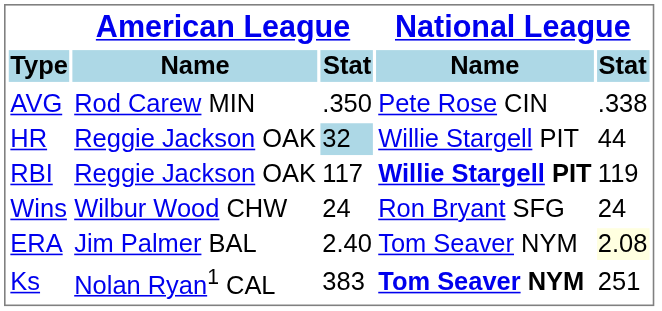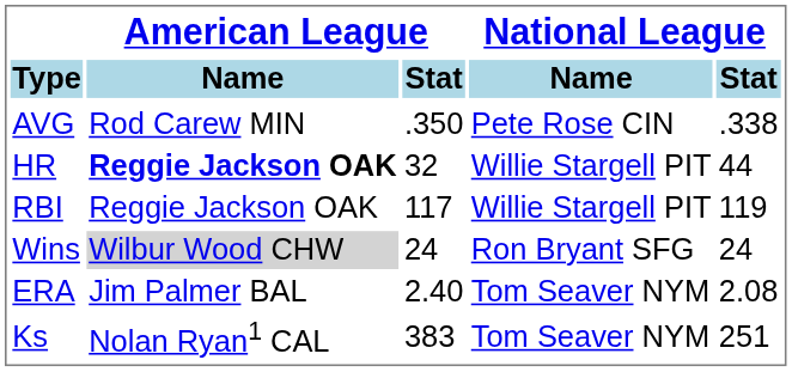 <table cellpadding="1" style="width:auto;border: 1px solid gray;">
 <tr align="center" style="font-size: larger;">
 <th> </th>
 <th colspan=2><a href='#'>American League</a></th>
 <th colspan=2><a href='#'>National League</a></th>
 </tr>
 <tr style="background:lightblue;">
 <th>Type</th>
 <th>Name</th>
 <th>Stat</th>
 <th>Name</th>
 <th>Stat</th>
 </tr>
 <tr align="center" style="vertical-align: middle;" style="background:lightblue;">
 </tr>
 <tr>
 <td><a href='#'>AVG</a></td>
 <td><a href='#'>Rod Carew</a> MIN</td>
 <td>.350</td>
 <td><a href='#'>Pete Rose</a> CIN</td>
 <td>.338</td>
 </tr>
 <tr>
 <td><a href='#'>HR</a></td>
-<td><a href='#'>Reggie Jackson</a> OAK</td>
-<td style="background: lightblue;">32</td>
+<td><strong><a href='#'>Reggie Jackson</a> OAK</strong></td>
+<td>32</td>
 <td><a href='#'>Willie Stargell</a> PIT</td>
 <td>44</td>
 </tr>
 <tr>
 <td><a href='#'>RBI</a></td>
 <td><a href='#'>Reggie Jackson</a> OAK</td>
 <td>117</td>
-<td><strong><a href='#'>Willie Stargell</a> PIT</strong></td>
+<td><a href='#'>Willie Stargell</a> PIT</td>
 <td>119</td>
 </tr>
 <tr>
 <td><a href='#'>Wins</a></td>
-<td><a href='#'>Wilbur Wood</a> CHW</td>
+<td style="background: lightgrey;"><a href='#'>Wilbur Wood</a> CHW</td>
 <td>24</td>
 <td><a href='#'>Ron Bryant</a> SFG</td>
 <td>24</td>
 </tr>
 <tr>
 <td><a href='#'>ERA</a></td>
 <td><a href='#'>Jim Palmer</a> BAL</td>
 <td>2.40</td>
 <td><a href='#'>Tom Seaver</a> NYM</td>
-<td style="background: lightyellow;">2.08</td>
+<td>2.08</td>
 </tr>
 <tr>
 <td><a href='#'>Ks</a></td>
 <td><a href='#'>Nolan Ryan</a><sup>1</sup> CAL</td>
 <td>383</td>
-<td><strong><a href='#'>Tom Seaver</a> NYM</strong></td>
+<td><a href='#'>Tom Seaver</a> NYM</td>
 <td>251</td>
 </tr>
 </table>
